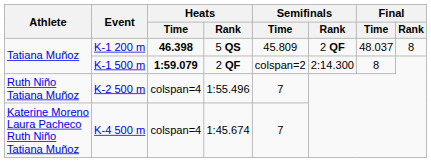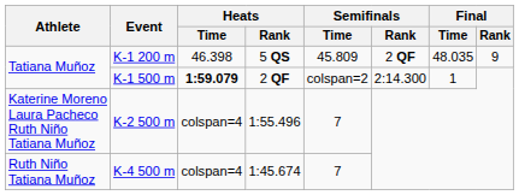 <table class=wikitable style="font-size:90%;">
 <tr>
 <th rowspan="2">Athlete</th>
 <th rowspan="2">Event</th>
 <th colspan=2>Heats</th>
 <th colspan=2>Semifinals</th>
 <th colspan=2>Final</th>
 </tr>
 <tr style="font-size:95%">
 <th>Time</th>
 <th>Rank</th>
 <th>Time</th>
 <th>Rank</th>
 <th>Time</th>
 <th>Rank</th>
 </tr>
 <tr align=center>
 <td align=left rowspan=2><a href='#'>Tatiana Muñoz</a></td>
 <td align=left><a href='#'>K-1 200 m</a></td>
-<td><strong>46.398</strong></td>
+<td>46.398</td>
 <td>5 <strong>QS</strong></td>
 <td>45.809</td>
 <td>2 <strong>QF</strong></td>
-<td>48.037</td>
-<td>8</td>
+<td>48.035</td>
+<td>9</td>
 </tr>
 <tr align=center>
 <td align=left><a href='#'>K-1 500 m</a></td>
 <td><strong>1:59.079</strong></td>
 <td>2 <strong>QF</strong></td>
 <td>colspan=2 </td>
 <td>2:14.300</td>
-<td>8</td>
+<td>1</td>
 </tr>
 <tr align=center>
-<td align=left><a href='#'>Ruth Niño</a><br><a href='#'>Tatiana Muñoz</a></td>
+<td align=left><a href='#'>Katerine Moreno</a><br><a href='#'>Laura Pacheco</a><br><a href='#'>Ruth Niño</a><br><a href='#'>Tatiana Muñoz</a></td>
 <td align=left><a href='#'>K-2 500 m</a></td>
 <td>colspan=4 </td>
 <td>1:55.496</td>
 <td>7</td>
 </tr>
 <tr align=center>
-<td align=left><a href='#'>Katerine Moreno</a><br><a href='#'>Laura Pacheco</a><br><a href='#'>Ruth Niño</a><br><a href='#'>Tatiana Muñoz</a></td>
+<td align=left><a href='#'>Ruth Niño</a><br><a href='#'>Tatiana Muñoz</a></td>
 <td align=left><a href='#'>K-4 500 m</a></td>
 <td>colspan=4 </td>
 <td>1:45.674</td>
 <td>7</td>
 </tr>
 </table>
